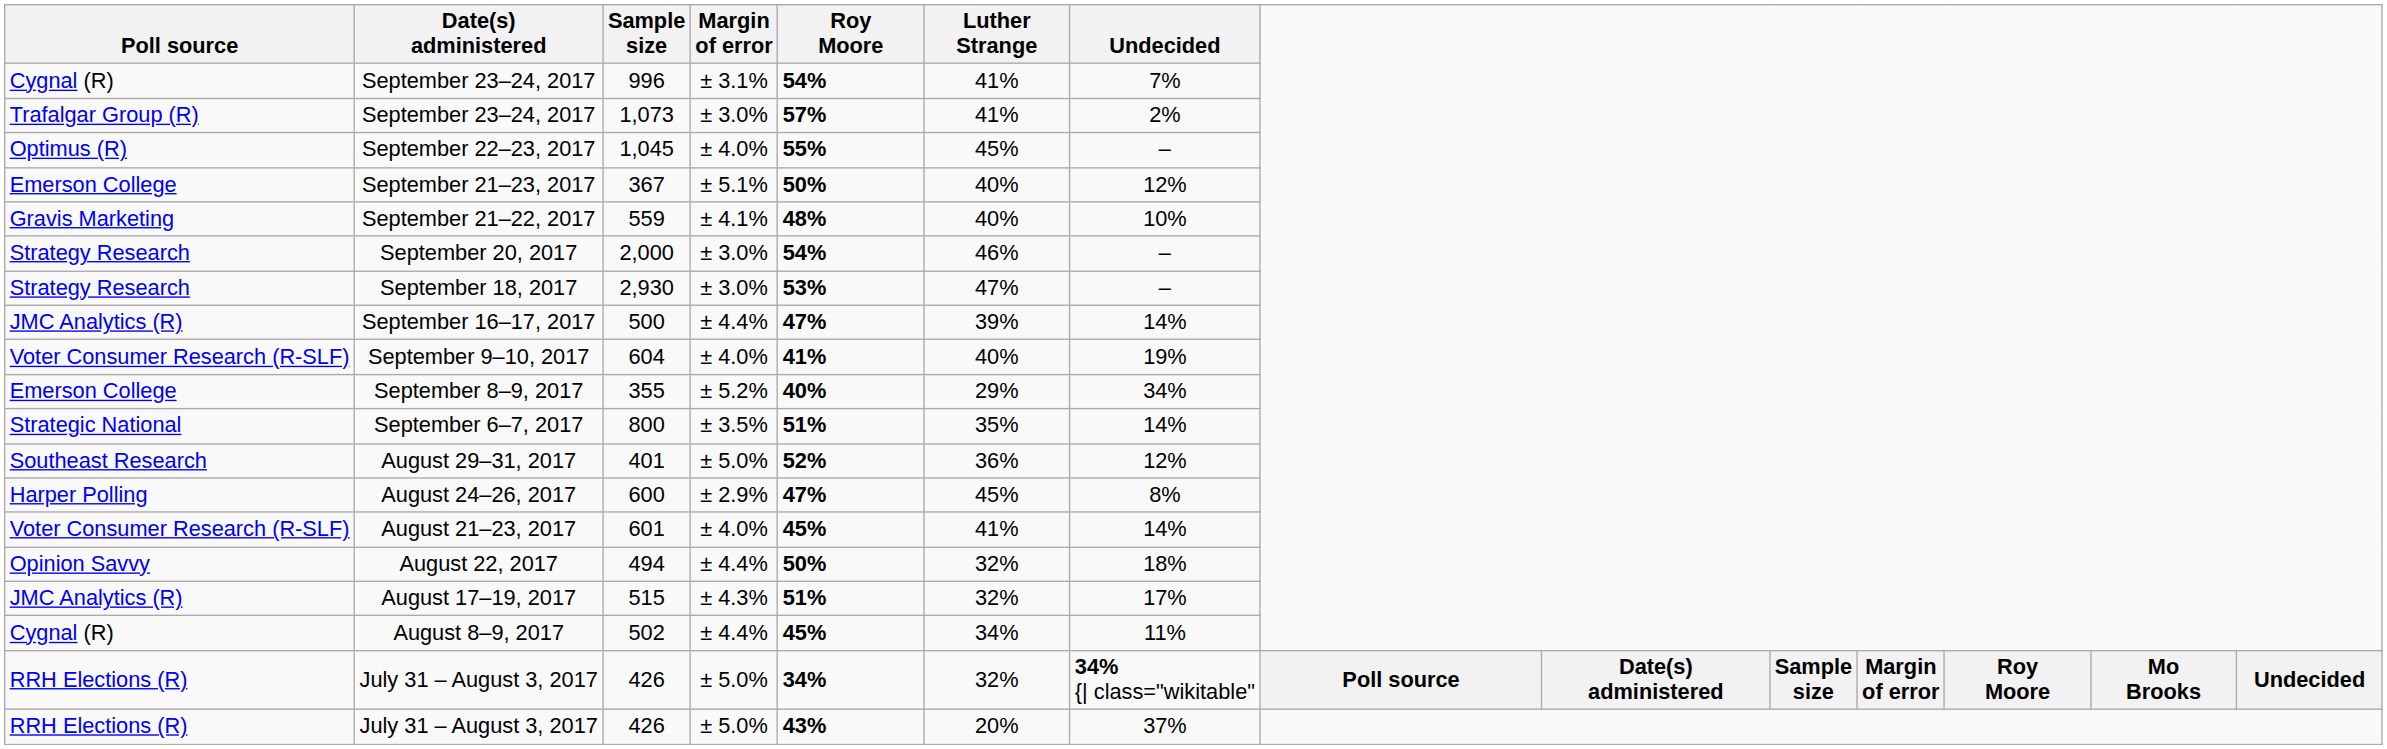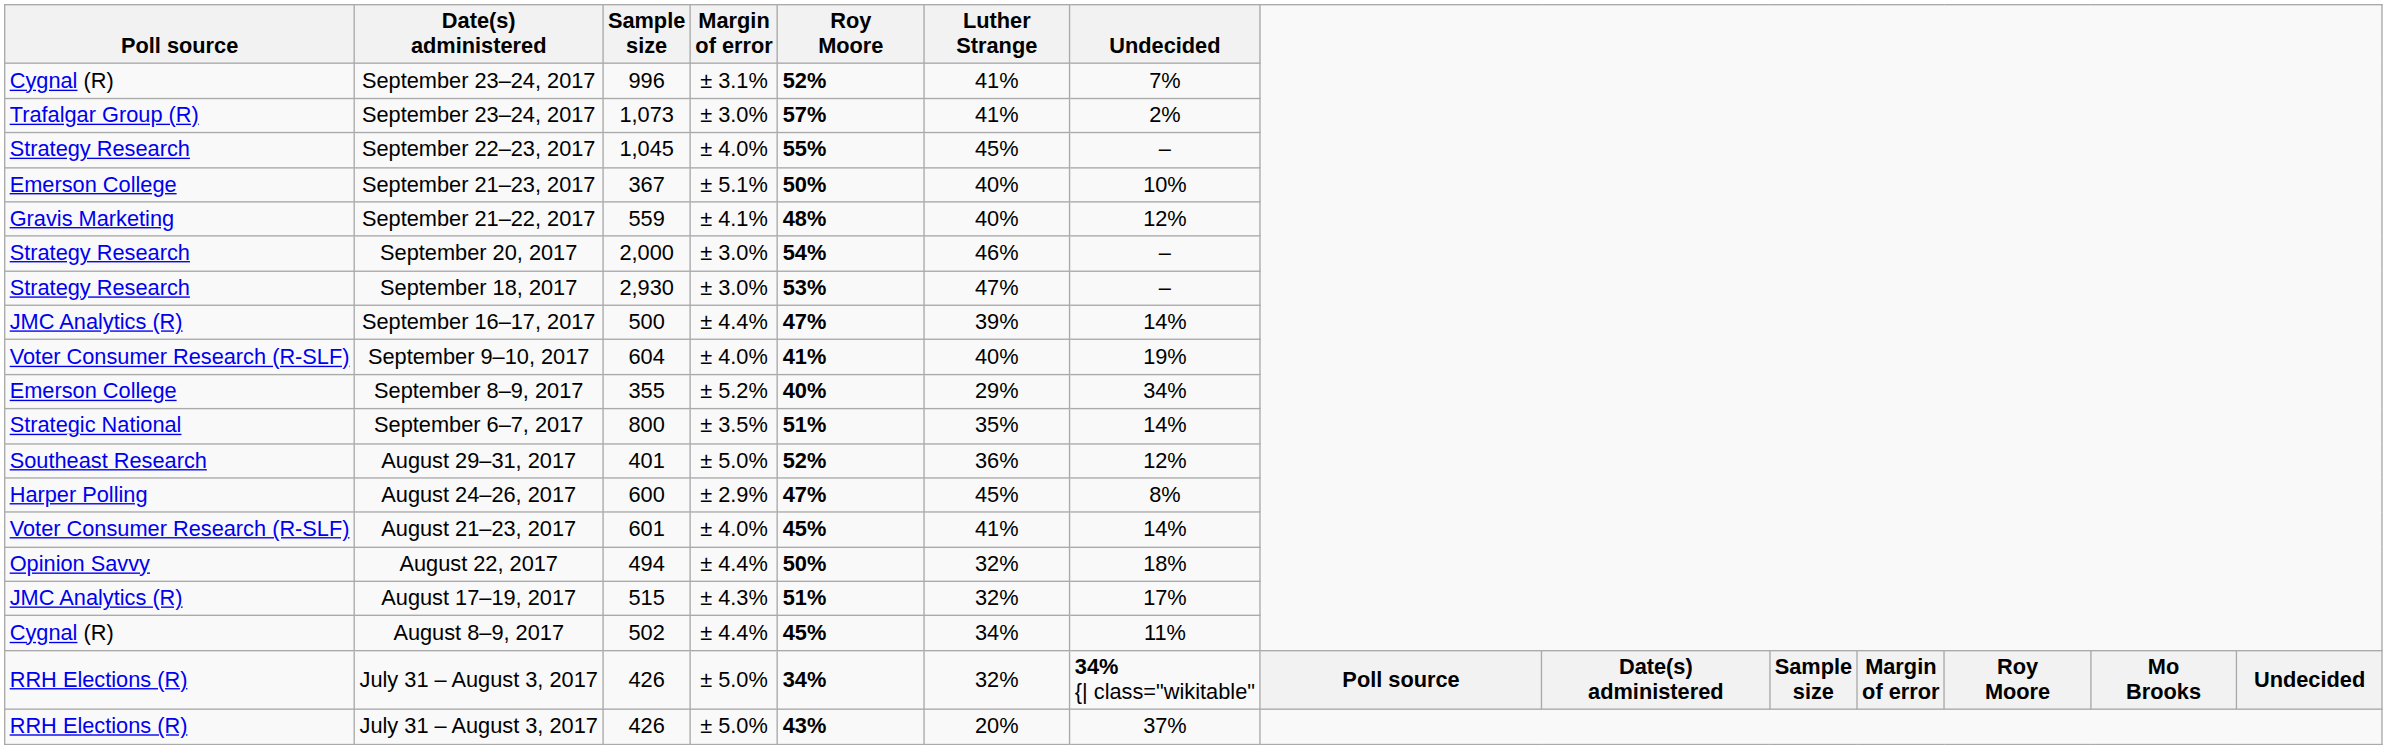 <table class="wikitable">
 <tr valign= bottom>
 <th>Poll source</th>
 <th>Date(s)<br>administered</th>
 <th>Sample<br>size</th>
 <th>Margin<br>of error</th>
 <th style="width:100px;">Roy<br>Moore</th>
 <th style="width:100px;">Luther<br>Strange</th>
 <th>Undecided</th>
 </tr>
 <tr>
 <td><a href='#'>Cygnal</a> (R)</td>
 <td align=center>September 23–24, 2017</td>
 <td align=center>996</td>
 <td align=center>± 3.1%</td>
-<td><strong>54%</strong></td>
+<td><strong>52%</strong></td>
 <td align=center>41%</td>
 <td align=center>7%</td>
 </tr>
 <tr>
 <td><a href='#'>Trafalgar Group (R)</a></td>
 <td align=center>September 23–24, 2017</td>
 <td align=center>1,073</td>
 <td align=center>± 3.0%</td>
 <td><strong>57%</strong></td>
 <td align=center>41%</td>
 <td align=center>2%</td>
 </tr>
 <tr>
-<td><a href='#'>Optimus (R)</a></td>
+<td><a href='#'>Strategy Research</a></td>
 <td align=center>September 22–23, 2017</td>
 <td align=center>1,045</td>
 <td align=center>± 4.0%</td>
 <td><strong>55%</strong></td>
 <td align=center>45%</td>
 <td align=center>–</td>
 </tr>
 <tr>
 <td><a href='#'>Emerson College</a></td>
 <td align=center>September 21–23, 2017</td>
 <td align=center>367</td>
 <td align=center>± 5.1%</td>
 <td><strong>50%</strong></td>
 <td align=center>40%</td>
-<td align=center>12%</td>
+<td align=center>10%</td>
 </tr>
 <tr>
 <td><a href='#'>Gravis Marketing</a></td>
 <td align=center>September 21–22, 2017</td>
 <td align=center>559</td>
 <td align=center>± 4.1%</td>
 <td><strong>48%</strong></td>
 <td align=center>40%</td>
-<td align=center>10%</td>
+<td align=center>12%</td>
 </tr>
 <tr>
 <td><a href='#'>Strategy Research</a></td>
 <td align=center>September 20, 2017</td>
 <td align=center>2,000</td>
 <td align=center>± 3.0%</td>
 <td><strong>54%</strong></td>
 <td align=center>46%</td>
 <td align=center>–</td>
 </tr>
 <tr>
 <td><a href='#'>Strategy Research</a></td>
 <td align=center>September 18, 2017</td>
 <td align=center>2,930</td>
 <td align=center>± 3.0%</td>
 <td><strong>53%</strong></td>
 <td align=center>47%</td>
 <td align=center>–</td>
 </tr>
 <tr>
 <td><a href='#'>JMC Analytics (R)</a></td>
 <td align=center>September 16–17, 2017</td>
 <td align=center>500</td>
 <td align=center>± 4.4%</td>
 <td><strong>47%</strong></td>
 <td align=center>39%</td>
 <td align=center>14%</td>
 </tr>
 <tr>
 <td><a href='#'>Voter Consumer Research (R-SLF)</a></td>
 <td align=center>September 9–10, 2017</td>
 <td align=center>604</td>
 <td align=center>± 4.0%</td>
 <td><strong>41%</strong></td>
 <td align=center>40%</td>
 <td align=center>19%</td>
 </tr>
 <tr>
 <td><a href='#'>Emerson College</a></td>
 <td align=center>September 8–9, 2017</td>
 <td align=center>355</td>
 <td align=center>± 5.2%</td>
 <td><strong>40%</strong></td>
 <td align=center>29%</td>
 <td align=center>34%</td>
 </tr>
 <tr>
 <td><a href='#'>Strategic National</a></td>
 <td align=center>September 6–7, 2017</td>
 <td align=center>800</td>
 <td align=center>± 3.5%</td>
 <td><strong>51%</strong></td>
 <td align=center>35%</td>
 <td align=center>14%</td>
 </tr>
 <tr>
 <td><a href='#'>Southeast Research</a></td>
 <td align=center>August 29–31, 2017</td>
 <td align=center>401</td>
 <td align=center>± 5.0%</td>
 <td><strong>52%</strong></td>
 <td align=center>36%</td>
 <td align=center>12%</td>
 </tr>
 <tr>
 <td><a href='#'>Harper Polling</a></td>
 <td align=center>August 24–26, 2017</td>
 <td align=center>600</td>
 <td align=center>± 2.9%</td>
 <td><strong>47%</strong></td>
 <td align=center>45%</td>
 <td align=center>8%</td>
 </tr>
 <tr>
 <td><a href='#'>Voter Consumer Research (R-SLF)</a></td>
 <td align=center>August 21–23, 2017</td>
 <td align=center>601</td>
 <td align=center>± 4.0%</td>
 <td><strong>45%</strong></td>
 <td align=center>41%</td>
 <td align=center>14%</td>
 </tr>
 <tr>
 <td><a href='#'>Opinion Savvy</a></td>
 <td align=center>August 22, 2017</td>
 <td align=center>494</td>
 <td align=center>± 4.4%</td>
 <td><strong>50%</strong></td>
 <td align=center>32%</td>
 <td align=center>18%</td>
 </tr>
 <tr>
 <td><a href='#'>JMC Analytics (R)</a></td>
 <td align=center>August 17–19, 2017</td>
 <td align=center>515</td>
 <td align=center>± 4.3%</td>
 <td><strong>51%</strong></td>
 <td align=center>32%</td>
 <td align=center>17%</td>
 </tr>
 <tr>
 <td><a href='#'>Cygnal</a> (R)</td>
 <td align=center>August 8–9, 2017</td>
 <td align=center>502</td>
 <td align=center>± 4.4%</td>
 <td><strong>45%</strong></td>
 <td align=center>34%</td>
 <td align=center>11%</td>
 </tr>
 <tr>
 <td><a href='#'>RRH Elections (R)</a></td>
 <td align=center>July 31 – August 3, 2017</td>
 <td align=center>426</td>
 <td align=center>± 5.0%</td>
 <td><strong>34%</strong></td>
 <td align=center>32%</td>
 <td><strong>34%</strong><br>  {| class="wikitable"</td>
 <th style="width:200px;">Poll source</th>
 <th style="width:160px;">Date(s)<br>administered</th>
 <th class="small">Sample<br>size</th>
 <th>Margin<br>of error</th>
 <th style="width:100px;">Roy<br>Moore</th>
 <th style="width:100px;">Mo<br>Brooks</th>
 <th style="width:100px;">Undecided</th>
 </tr>
 <tr>
 <td><a href='#'>RRH Elections (R)</a></td>
 <td style="text-align:center;">July 31 – August 3, 2017</td>
 <td style="text-align:center;">426</td>
 <td style="text-align:center;">± 5.0%</td>
 <td><strong>43%</strong></td>
 <td style="text-align:center;">20%</td>
 <td style="text-align:center;">37%</td>
 </tr>
 </table>
